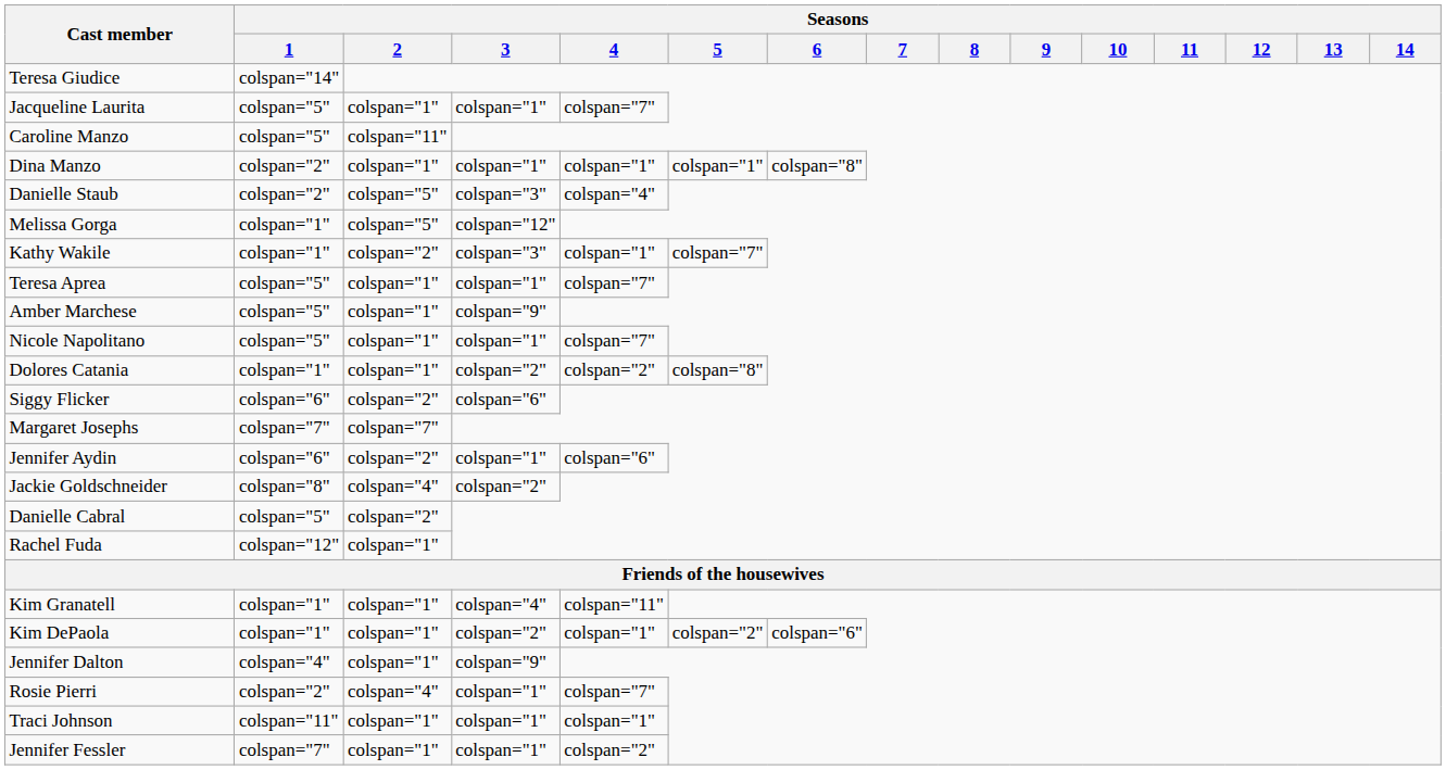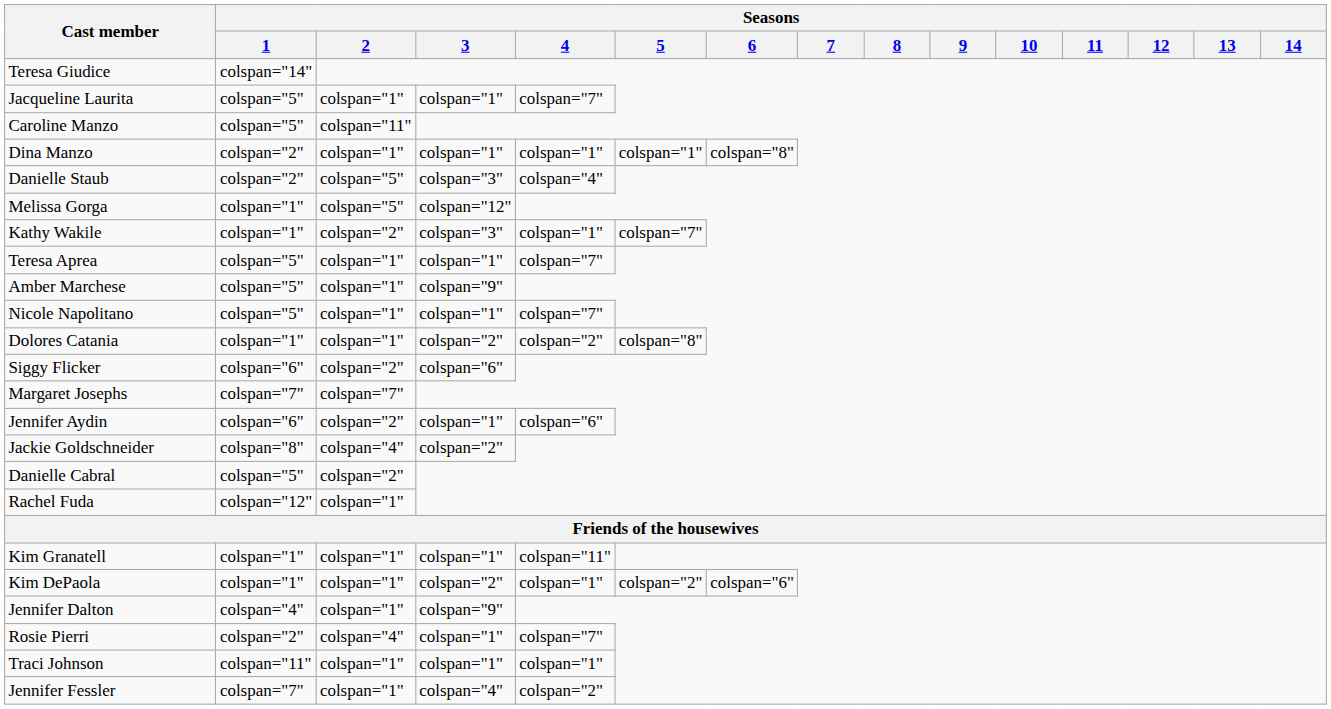 <table class="wikitable plainrowheaders">
 <tr>
 <th rowspan="2" style="width:16%;">Cast member</th>
 <th colspan="14">Seasons</th>
 </tr>
 <tr>
 <th style="width:5%;"><a href='#'>1</a></th>
 <th style="width:5%;"><a href='#'>2</a></th>
 <th style="width:5%;"><a href='#'>3</a></th>
 <th style="width:5%;"><a href='#'>4</a></th>
 <th style="width:5%;"><a href='#'>5</a></th>
 <th style="width:5%;"><a href='#'>6</a></th>
 <th style="width:5%;"><a href='#'>7</a></th>
 <th style="width:5%;"><a href='#'>8</a></th>
 <th style="width:5%;"><a href='#'>9</a></th>
 <th style="width:5%;"><a href='#'>10</a></th>
 <th style="width:5%;"><a href='#'>11</a></th>
 <th style="width:5%;"><a href='#'>12</a></th>
 <th style="width:5%;"><a href='#'>13</a></th>
 <th style="width:5%;"><a href='#'>14</a></th>
 </tr>
 <tr>
 <td>Teresa Giudice</td>
 <td>colspan="14" </td>
 </tr>
 <tr>
 <td>Jacqueline Laurita</td>
 <td>colspan="5" </td>
 <td>colspan="1" </td>
 <td>colspan="1" </td>
 <td>colspan="7" </td>
 </tr>
 <tr>
 <td>Caroline Manzo</td>
 <td>colspan="5" </td>
 <td>colspan="11" </td>
 </tr>
 <tr>
 <td>Dina Manzo</td>
 <td>colspan="2" </td>
 <td>colspan="1" </td>
 <td>colspan="1" </td>
 <td>colspan="1" </td>
 <td>colspan="1" </td>
 <td>colspan="8" </td>
 </tr>
 <tr>
 <td>Danielle Staub</td>
 <td>colspan="2" </td>
 <td>colspan="5" </td>
 <td>colspan="3" </td>
 <td>colspan="4" </td>
 </tr>
 <tr>
 <td>Melissa Gorga</td>
 <td>colspan="1" </td>
 <td>colspan="5" </td>
 <td>colspan="12" </td>
 </tr>
 <tr>
 <td>Kathy Wakile</td>
 <td>colspan="1" </td>
 <td>colspan="2" </td>
 <td>colspan="3" </td>
 <td>colspan="1" </td>
 <td>colspan="7" </td>
 </tr>
 <tr>
 <td>Teresa Aprea</td>
 <td>colspan="5" </td>
 <td>colspan="1" </td>
 <td>colspan="1" </td>
 <td>colspan="7" </td>
 </tr>
 <tr>
 <td>Amber Marchese</td>
 <td>colspan="5" </td>
 <td>colspan="1" </td>
 <td>colspan="9" </td>
 </tr>
 <tr>
 <td>Nicole Napolitano</td>
 <td>colspan="5" </td>
 <td>colspan="1" </td>
 <td>colspan="1" </td>
 <td>colspan="7" </td>
 </tr>
 <tr>
 <td>Dolores Catania</td>
 <td>colspan="1" </td>
 <td>colspan="1" </td>
 <td>colspan="2" </td>
 <td>colspan="2" </td>
 <td>colspan="8" </td>
 </tr>
 <tr>
 <td>Siggy Flicker</td>
 <td>colspan="6" </td>
 <td>colspan="2" </td>
 <td>colspan="6" </td>
 </tr>
 <tr>
 <td>Margaret Josephs</td>
 <td>colspan="7" </td>
 <td>colspan="7" </td>
 </tr>
 <tr>
 <td>Jennifer Aydin</td>
 <td>colspan="6" </td>
 <td>colspan="2" </td>
 <td>colspan="1" </td>
 <td>colspan="6" </td>
 </tr>
 <tr>
 <td nowrap>Jackie Goldschneider</td>
 <td>colspan="8" </td>
 <td>colspan="4" </td>
 <td>colspan="2" </td>
 </tr>
 <tr>
 <td>Danielle Cabral</td>
 <td>colspan="5" </td>
 <td>colspan="2" </td>
 </tr>
 <tr>
 <td>Rachel Fuda</td>
 <td>colspan="12" </td>
 <td>colspan="1"  </td>
 </tr>
 <tr>
 <th colspan="17">Friends of the housewives </th>
 </tr>
 <tr>
 <td>Kim Granatell</td>
 <td>colspan="1" </td>
 <td>colspan="1" </td>
-<td>colspan="4" </td>
+<td>colspan="1" </td>
 <td>colspan="11" </td>
 </tr>
 <tr>
 <td>Kim DePaola</td>
 <td>colspan="1" </td>
 <td>colspan="1"  </td>
 <td>colspan="2" </td>
 <td>colspan="1" </td>
 <td>colspan="2" </td>
 <td>colspan="6" </td>
 </tr>
 <tr>
 <td>Jennifer Dalton</td>
 <td>colspan="4" </td>
 <td>colspan="1" </td>
 <td>colspan="9" </td>
 </tr>
 <tr>
 <td>Rosie Pierri</td>
 <td>colspan="2" </td>
 <td>colspan="4" </td>
 <td>colspan="1" </td>
 <td>colspan="7" </td>
 </tr>
 <tr>
 <td>Traci Johnson</td>
 <td>colspan="11" </td>
 <td>colspan="1" </td>
 <td>colspan="1" </td>
 <td>colspan="1" </td>
 </tr>
 <tr>
 <td>Jennifer Fessler</td>
 <td>colspan="7" </td>
 <td>colspan="1"  </td>
-<td>colspan="1" </td>
+<td>colspan="4" </td>
 <td>colspan="2" </td>
 </tr>
 </table>
